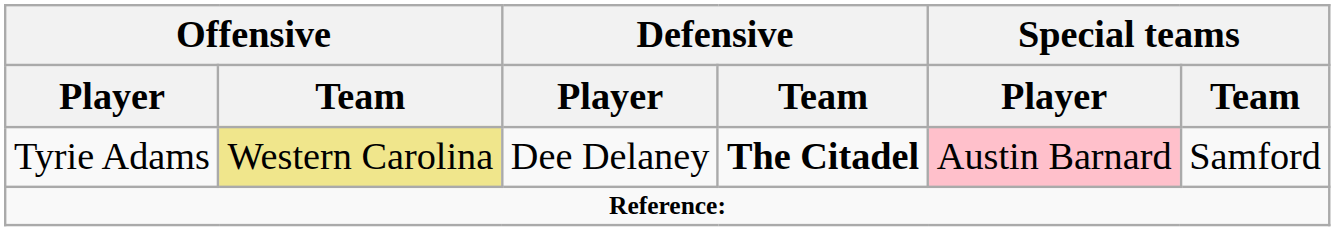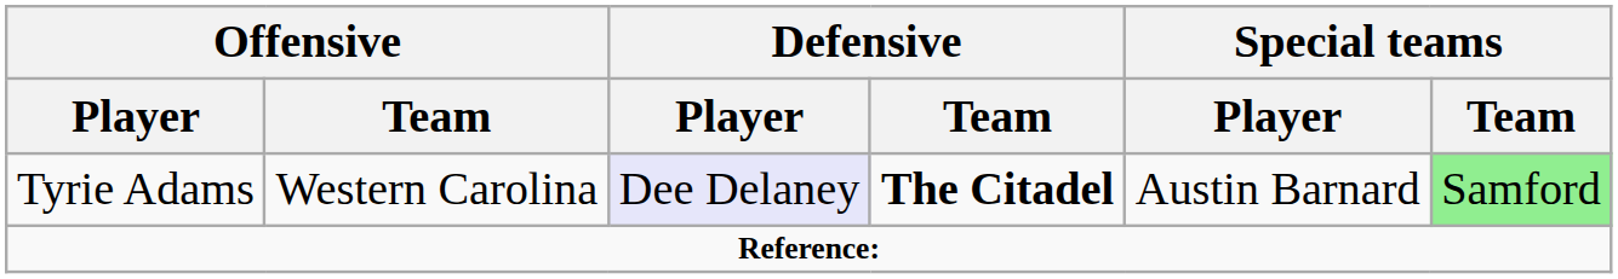 <table class="wikitable" border="1">
 <tr>
 <th colspan="2">Offensive</th>
 <th colspan="2">Defensive</th>
 <th colspan="2">Special teams</th>
 </tr>
 <tr>
 <th>Player</th>
 <th>Team</th>
 <th>Player</th>
 <th>Team</th>
 <th>Player</th>
 <th>Team</th>
 </tr>
 <tr>
 <td>Tyrie Adams</td>
-<td style="background: khaki;">Western Carolina</td>
-<td>Dee Delaney</td>
+<td>Western Carolina</td>
+<td style="background: lavender;">Dee Delaney</td>
 <td><strong>The Citadel</strong></td>
-<td style="background: pink;">Austin Barnard</td>
-<td>Samford</td>
+<td>Austin Barnard</td>
+<td style="background: lightgreen;">Samford</td>
 </tr>
 <tr>
 <td colspan="8" style="font-size: 8pt" align="center"><strong>Reference: </strong></td>
 </tr>
 </table>
